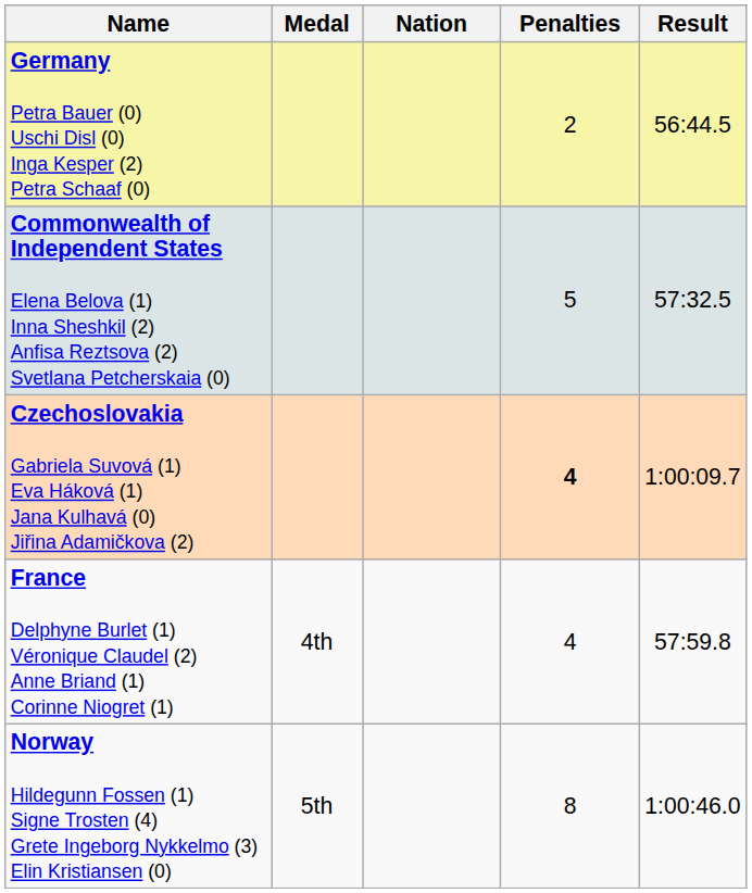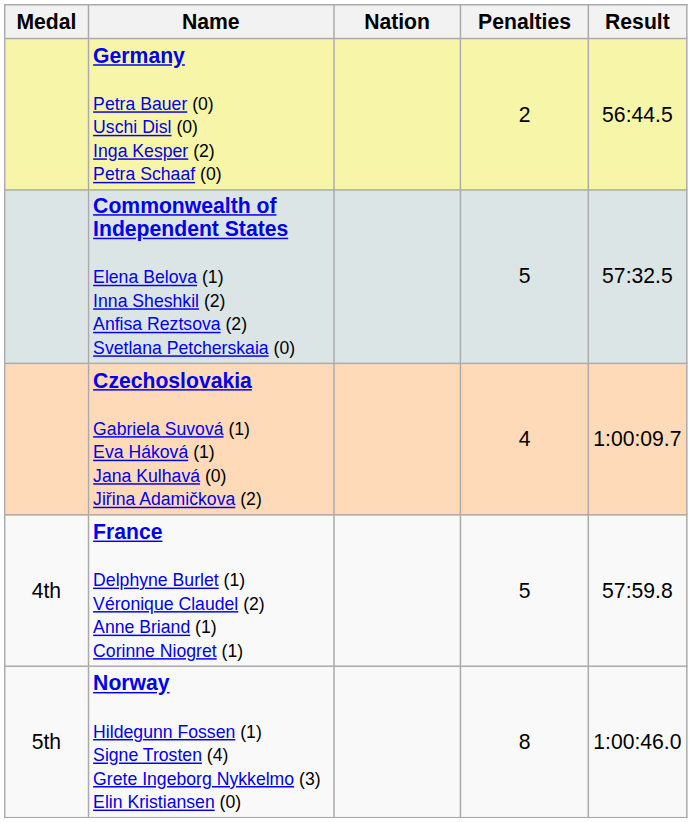 <table class=wikitable style="border:1px solid #AAAAAA;font-size:90%">
 <tr bgcolor="#E4E4E4">
+<th style="border-bottom:1px solid #AAAAAA" width=50>Medal</th>
 <th style="border-bottom:1px solid #AAAAAA" width=160>Name</th>
-<th style="border-bottom:1px solid #AAAAAA" width=50>Medal</th>
 <th style="border-bottom:1px solid #AAAAAA" width=80>Nation</th>
 <th style="border-bottom:1px solid #AAAAAA" width=80>Penalties</th>
 <th style="border-bottom:1px solid #AAAAAA" width=60>Result</th>
 </tr>
 <tr bgcolor="#F7F6A8">
+<td align="center"></td>
 <td><strong><a href='#'>Germany</a></strong><br><br><small><a href='#'>Petra Bauer</a> (0)<br><a href='#'>Uschi Disl</a> (0)<br><a href='#'>Inga Kesper</a> (2)<br><a href='#'>Petra Schaaf</a> (0)</small></td>
-<td align="center"></td>
 <td></td>
 <td align="center">2</td>
 <td align="center">56:44.5</td>
 </tr>
 <tr bgcolor="#DCE5E5">
+<td align="center"></td>
 <td><strong><a href='#'>Commonwealth of Independent States</a></strong><br><br><small><a href='#'>Elena Belova</a> (1)<br><a href='#'>Inna Sheshkil</a> (2)<br><a href='#'>Anfisa Reztsova</a> (2)<br><a href='#'>Svetlana Petcherskaia</a> (0)</small></td>
-<td align="center"></td>
 <td></td>
 <td align="center">5</td>
 <td align="center">57:32.5</td>
 </tr>
 <tr bgcolor="#FFDAB9">
+<td align="center"></td>
 <td><strong><a href='#'>Czechoslovakia</a></strong><br><br><small><a href='#'>Gabriela Suvová</a> (1)<br><a href='#'>Eva Háková</a> (1)<br><a href='#'>Jana Kulhavá</a> (0)<br><a href='#'>Jiřina Adamičkova</a> (2)</small></td>
-<td align="center"></td>
 <td></td>
-<td align="center"><strong>4</strong></td>
+<td align="center">4</td>
 <td align="center">1:00:09.7</td>
 </tr>
 <tr>
+<td align="center">4th</td>
 <td><strong><a href='#'>France</a></strong><br><br><small><a href='#'>Delphyne Burlet</a> (1)<br><a href='#'>Véronique Claudel</a> (2)<br><a href='#'>Anne Briand</a> (1)<br><a href='#'>Corinne Niogret</a> (1)</small></td>
-<td align="center">4th</td>
 <td></td>
-<td align="center">4</td>
+<td align="center">5</td>
 <td align="center">57:59.8</td>
 </tr>
 <tr>
+<td align="center">5th</td>
 <td><strong><a href='#'>Norway</a></strong><br><br><small><a href='#'>Hildegunn Fossen</a> (1)<br><a href='#'>Signe Trosten</a> (4)<br><a href='#'>Grete Ingeborg Nykkelmo</a> (3)<br><a href='#'>Elin Kristiansen</a> (0)</small></td>
-<td align="center">5th</td>
 <td></td>
 <td align="center">8</td>
 <td align="center">1:00:46.0</td>
 </tr>
 </table>
